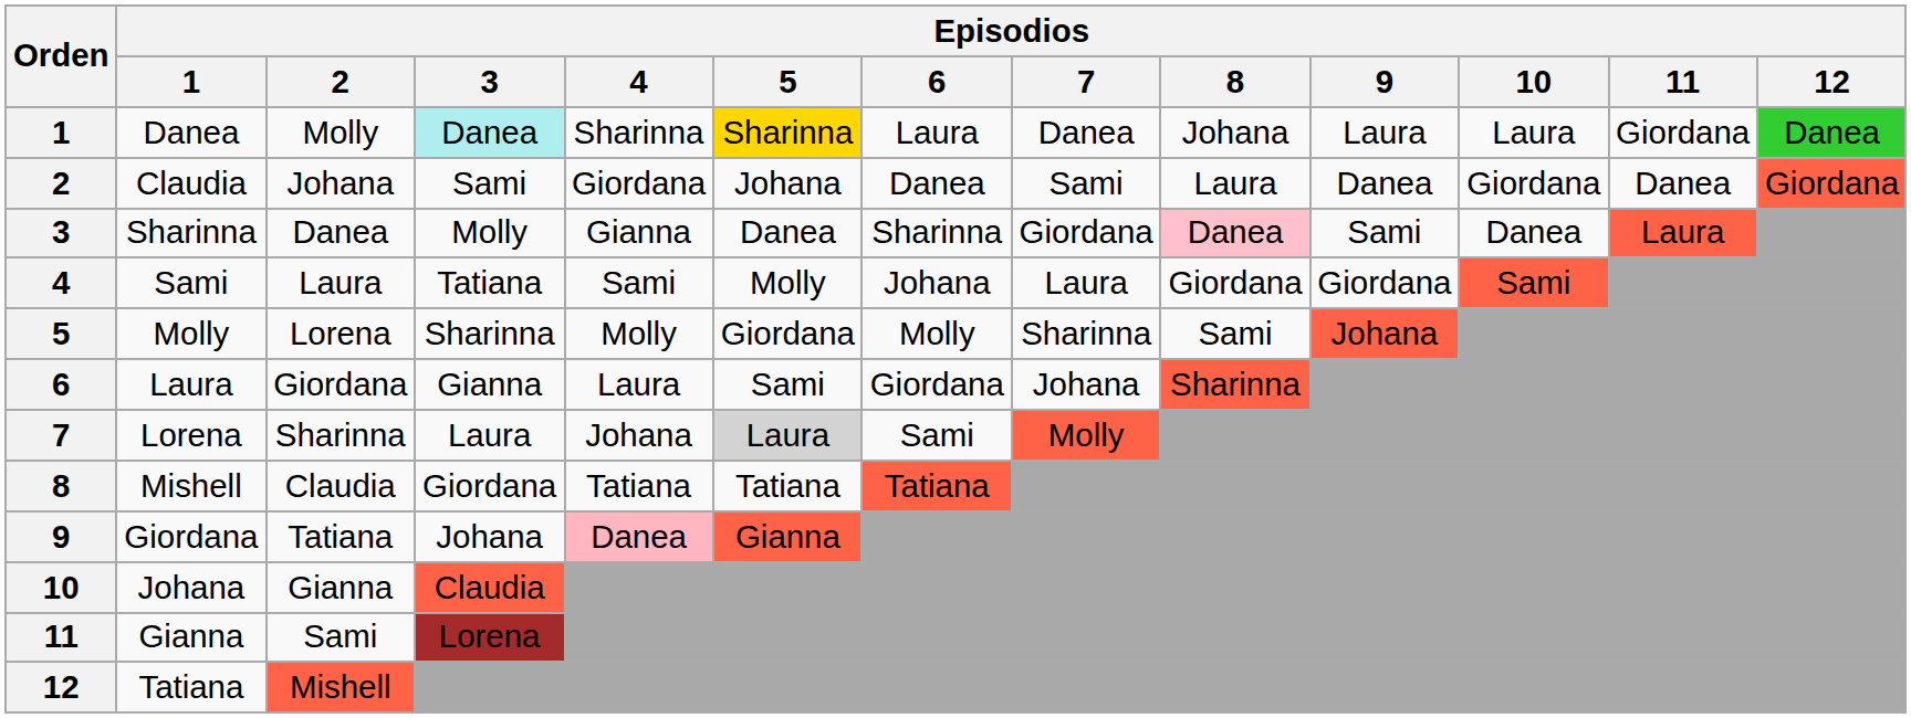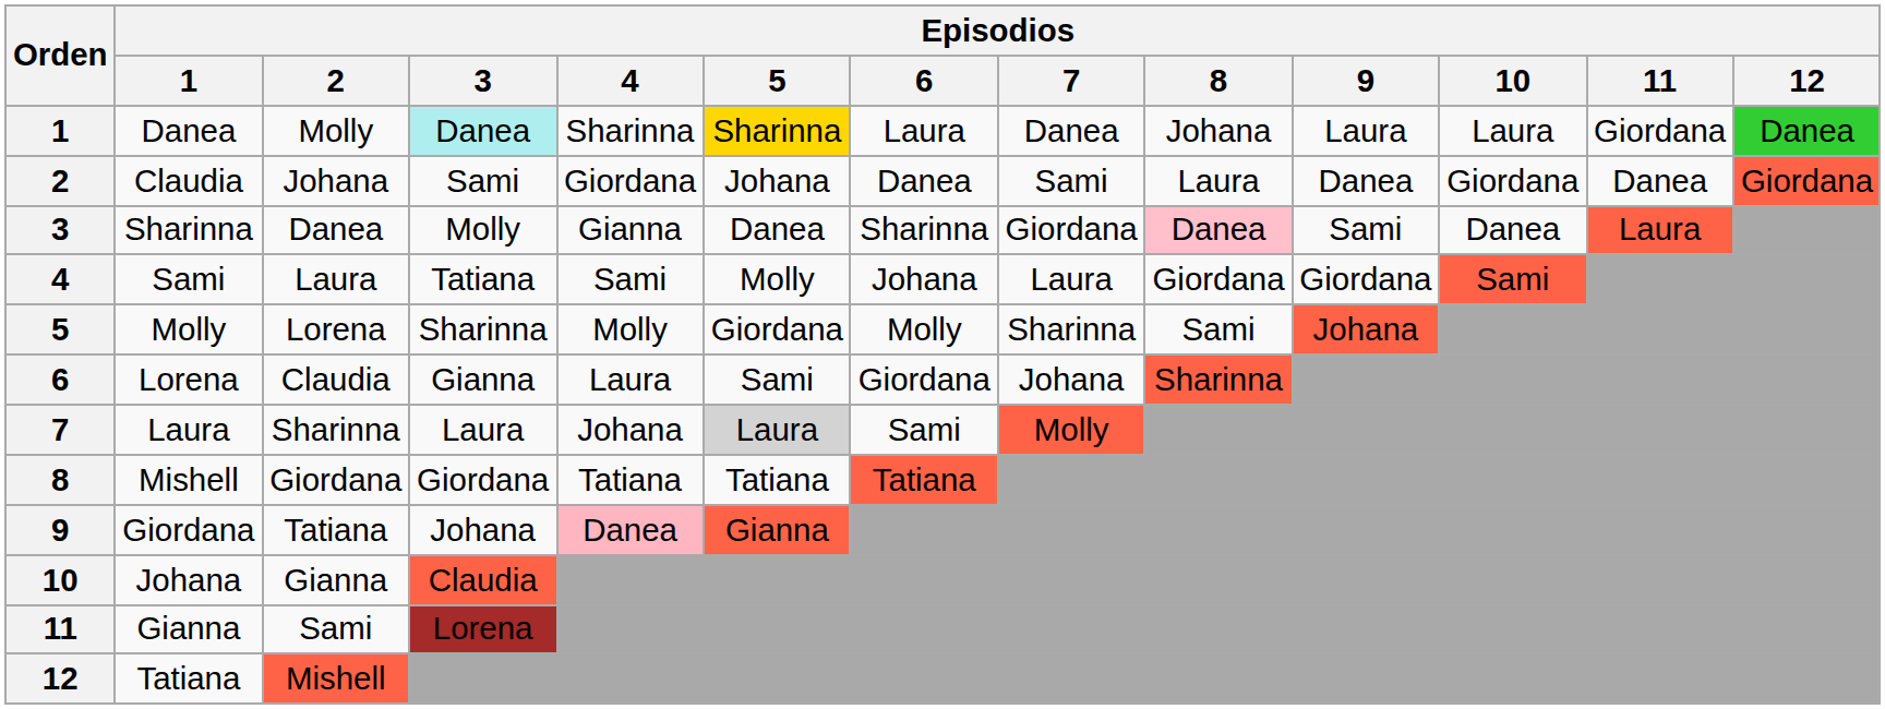 <table class="wikitable" style="text-align:center; font-size:92%">
 <tr>
 <th rowspan=2>Orden</th>
 <th colspan=13>Episodios</th>
 </tr>
 <tr>
 <th>1</th>
 <th>2</th>
 <th>3</th>
 <th>4</th>
 <th>5</th>
 <th>6</th>
 <th>7</th>
 <th>8</th>
 <th>9</th>
 <th>10</th>
 <th>11</th>
 <th>12</th>
 </tr>
 <tr>
 <th>1</th>
 <td>Danea</td>
 <td>Molly</td>
 <td style="background: paleturquoise;">Danea</td>
 <td>Sharinna</td>
 <td bgcolor="gold">Sharinna</td>
 <td>Laura</td>
 <td>Danea</td>
 <td>Johana</td>
 <td>Laura</td>
 <td>Laura</td>
 <td>Giordana</td>
 <td bgcolor="limegreen">Danea</td>
 </tr>
 <tr>
 <th>2</th>
 <td>Claudia</td>
 <td>Johana</td>
 <td>Sami</td>
 <td>Giordana</td>
 <td>Johana</td>
 <td>Danea</td>
 <td>Sami</td>
 <td>Laura</td>
 <td>Danea</td>
 <td>Giordana</td>
 <td>Danea</td>
 <td bgcolor="tomato">Giordana</td>
 </tr>
 <tr>
 <th>3</th>
 <td>Sharinna</td>
 <td>Danea</td>
 <td>Molly</td>
 <td>Gianna</td>
 <td>Danea</td>
 <td>Sharinna</td>
 <td>Giordana</td>
 <td style="background: pink;">Danea</td>
 <td>Sami</td>
 <td>Danea</td>
 <td bgcolor="tomato">Laura</td>
 <td bgcolor="darkgray" colspan="13"></td>
 </tr>
 <tr>
 <th>4</th>
 <td>Sami</td>
 <td>Laura</td>
 <td>Tatiana</td>
 <td>Sami</td>
 <td>Molly</td>
 <td>Johana</td>
 <td>Laura</td>
 <td>Giordana</td>
 <td>Giordana</td>
 <td bgcolor="tomato">Sami</td>
 <td bgcolor="darkgray" colspan="13"></td>
 </tr>
 <tr>
 <th>5</th>
 <td>Molly</td>
 <td>Lorena</td>
 <td>Sharinna</td>
 <td>Molly</td>
 <td>Giordana</td>
 <td>Molly</td>
 <td>Sharinna</td>
 <td>Sami</td>
 <td bgcolor="tomato">Johana</td>
 <td bgcolor="darkgray" colspan="13"></td>
 </tr>
 <tr>
 <th>6</th>
-<td>Laura</td>
-<td>Giordana</td>
+<td>Lorena</td>
+<td>Claudia</td>
 <td>Gianna</td>
 <td>Laura</td>
 <td>Sami</td>
 <td>Giordana</td>
 <td>Johana</td>
 <td bgcolor="tomato">Sharinna</td>
 <td bgcolor="darkgray" colspan="13"></td>
 </tr>
 <tr>
 <th>7</th>
-<td>Lorena</td>
+<td>Laura</td>
 <td>Sharinna</td>
 <td>Laura</td>
 <td>Johana</td>
 <td style="background: lightgrey;">Laura</td>
 <td>Sami</td>
 <td bgcolor="tomato">Molly</td>
 <td bgcolor="darkgray" colspan="13"></td>
 </tr>
 <tr>
 <th>8</th>
 <td>Mishell</td>
-<td>Claudia</td>
+<td>Giordana</td>
 <td>Giordana</td>
 <td>Tatiana</td>
 <td>Tatiana</td>
 <td bgcolor="tomato">Tatiana</td>
 <td bgcolor="darkgray" colspan="13"></td>
 </tr>
 <tr>
 <th>9</th>
 <td>Giordana</td>
 <td>Tatiana</td>
 <td>Johana</td>
 <td bgcolor="lightpink">Danea</td>
 <td bgcolor="tomato">Gianna</td>
 <td bgcolor="darkgray" colspan="13"></td>
 </tr>
 <tr>
 <th>10</th>
 <td>Johana</td>
 <td>Gianna</td>
 <td bgcolor="tomato">Claudia</td>
 <td bgcolor="darkgray" colspan="13"></td>
 </tr>
 <tr>
 <th>11</th>
 <td>Gianna</td>
 <td>Sami</td>
 <td bgcolor="brown"><span>Lorena</span></td>
 <td bgcolor="darkgray" colspan="13"></td>
 </tr>
 <tr>
 <th>12</th>
 <td>Tatiana</td>
 <td bgcolor="tomato">Mishell</td>
 <td bgcolor="darkgray" colspan="13"></td>
 </tr>
 <tr>
 </tr>
 </table>
